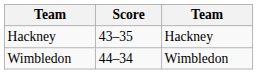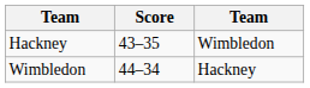 <table class="wikitable" style="font-size: 100%">
 <tr>
 <th width=100>Team</th>
 <th width=70>Score</th>
 <th width=100>Team</th>
 </tr>
 <tr>
 <td>Hackney</td>
 <td>43–35</td>
-<td>Hackney</td>
+<td>Wimbledon</td>
 </tr>
 <tr>
 <td>Wimbledon</td>
 <td>44–34</td>
-<td>Wimbledon</td>
+<td>Hackney</td>
 </tr>
 </table>
